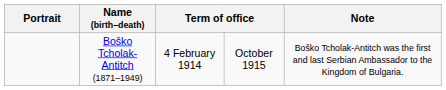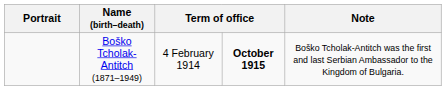 <table class="wikitable" style="width:75%; text-align:center;">
 <tr>
 <th colspan="1" width=12%>Portrait</th>
 <th width=12%>Name<br><small>(birth–death)</small></th>
 <th colspan="2" width=20%>Term of office</th>
 <th width=25%>Note</th>
 </tr>
 <tr>
 <td></td>
 <td><a href='#'>Boško Tcholak-Antitch</a><br><small>(1871–1949)</small></td>
 <td>4 February 1914</td>
-<td>October 1915</td>
+<td><strong>October 1915</strong></td>
 <td><small>Boško Tcholak-Antitch was the first and last Serbian Ambassador to the Kingdom of Bulgaria.</small></td>
 </tr>
 </table>
